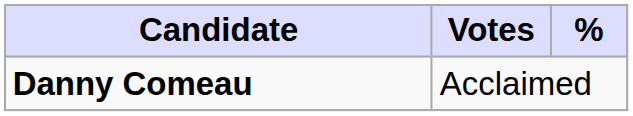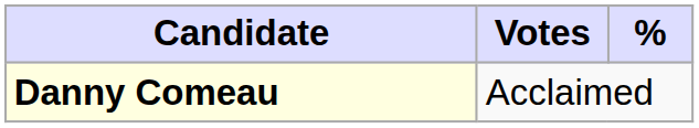 <table class="wikitable">
 <tr>
 <th style="background:#ddf; width:200px;">Candidate</th>
 <th style="background:#ddf; width:50px;">Votes</th>
 <th style="background:#ddf; width:30px;">%</th>
 </tr>
 <tr>
-<td><strong>Danny Comeau</strong></td>
+<td style="background: lightyellow;"><strong>Danny Comeau</strong></td>
 <td colspan="2">Acclaimed</td>
 </tr>
 </table>
